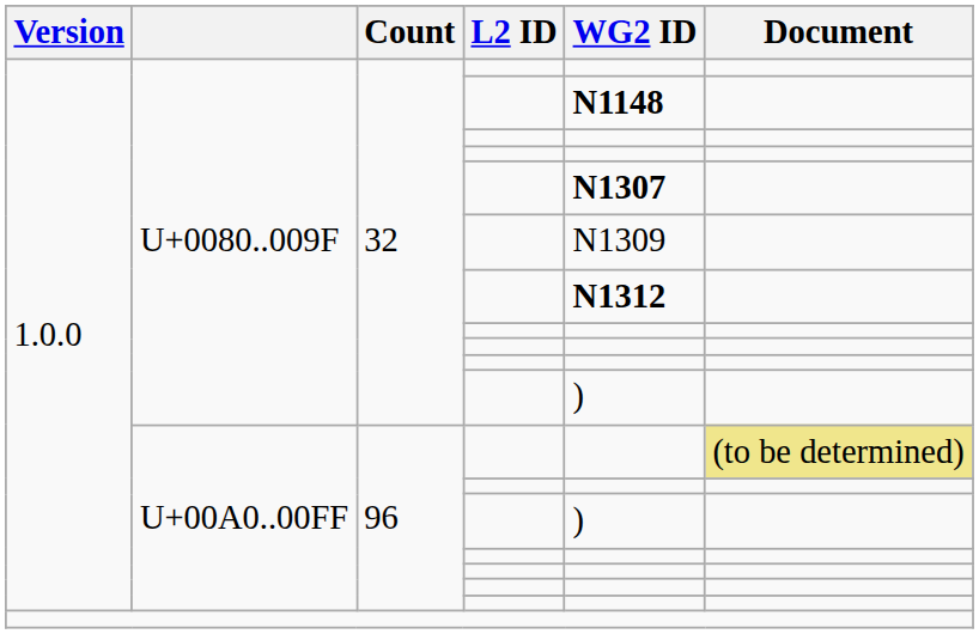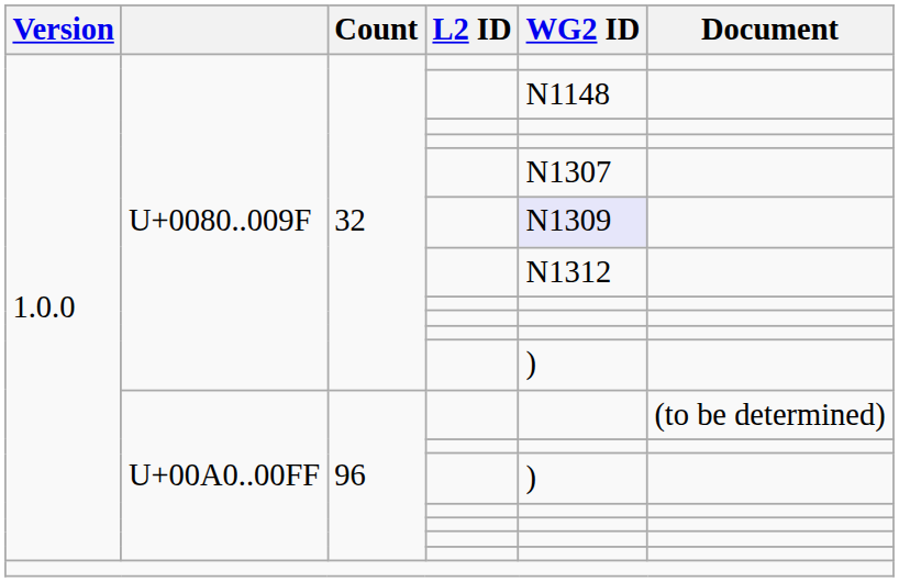 <table class="wikitable collapsible sticky-header">
 <tr>
 <th><a href='#'>Version</a></th>
 <th></th>
 <th>Count</th>
 <th><a href='#'>L2</a> ID</th>
 <th><a href='#'>WG2</a> ID</th>
 <th>Document</th>
 </tr>
 <tr>
 <td rowspan="18">1.0.0</td>
 <td rowspan="11">U+0080..009F</td>
 <td rowspan="11">32</td>
 <td></td>
 <td></td>
 <td></td>
 </tr>
 <tr>
 <td></td>
-<td><strong>N1148</strong></td>
+<td>N1148</td>
 <td></td>
 </tr>
 <tr>
 <td></td>
 <td></td>
 <td></td>
 </tr>
 <tr>
 <td></td>
 <td></td>
 <td></td>
 </tr>
 <tr>
 <td></td>
-<td><strong>N1307</strong></td>
+<td>N1307</td>
 <td></td>
 </tr>
 <tr>
 <td></td>
-<td>N1309</td>
+<td style="background: lavender;">N1309</td>
 <td></td>
 </tr>
 <tr>
 <td></td>
-<td><strong>N1312</strong></td>
+<td>N1312</td>
 <td></td>
 </tr>
 <tr>
 <td></td>
 <td></td>
 <td></td>
 </tr>
 <tr>
 <td></td>
 <td></td>
 <td></td>
 </tr>
 <tr>
 <td></td>
 <td></td>
 <td></td>
 </tr>
 <tr>
 <td></td>
 <td> )</td>
 <td></td>
 </tr>
 <tr>
 <td rowspan="7">U+00A0..00FF</td>
 <td rowspan="7">96</td>
 <td></td>
 <td></td>
-<td style="background: khaki;">(to be determined)</td>
+<td>(to be determined)</td>
 </tr>
 <tr>
 <td></td>
 <td></td>
 <td></td>
 </tr>
 <tr>
 <td></td>
 <td> )</td>
 <td></td>
 </tr>
 <tr>
 <td></td>
 <td></td>
 <td></td>
 </tr>
 <tr>
 <td></td>
 <td></td>
 <td></td>
 </tr>
 <tr>
 <td></td>
 <td></td>
 <td></td>
 </tr>
 <tr>
 <td></td>
 <td></td>
 <td></td>
 </tr>
 <tr class="sortbottom">
 <td colspan="6"></td>
 </tr>
 </table>
